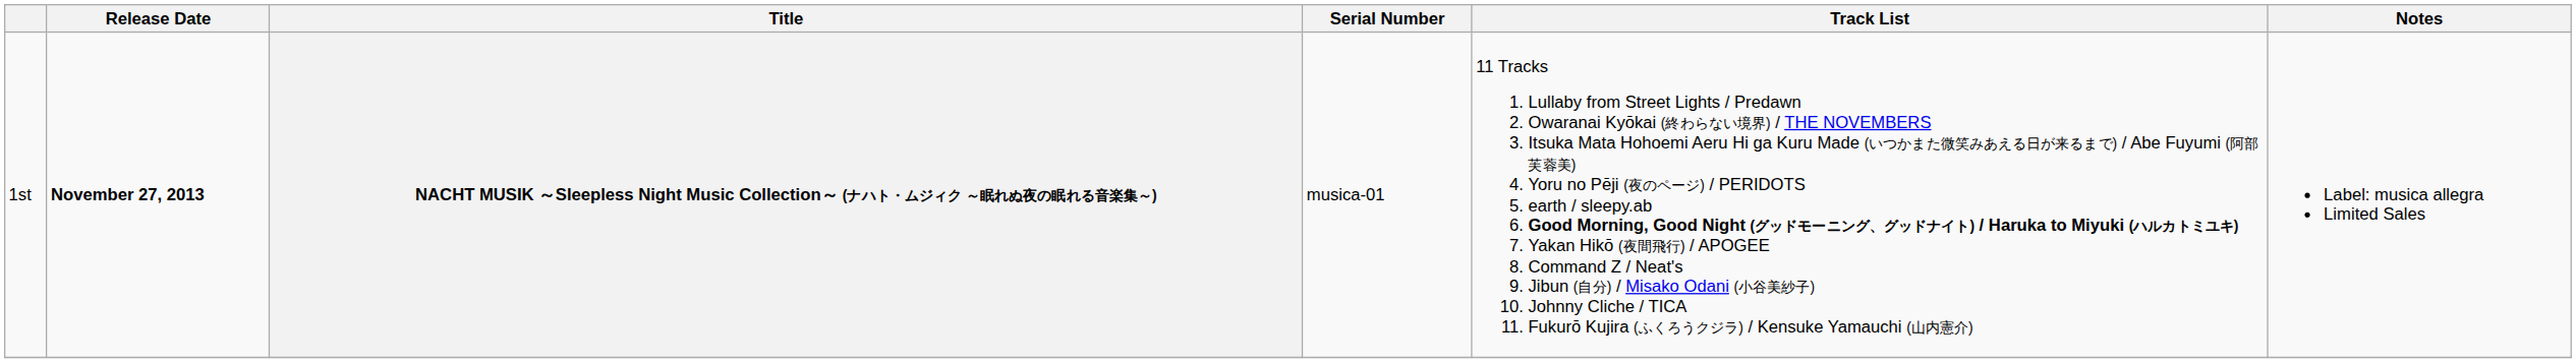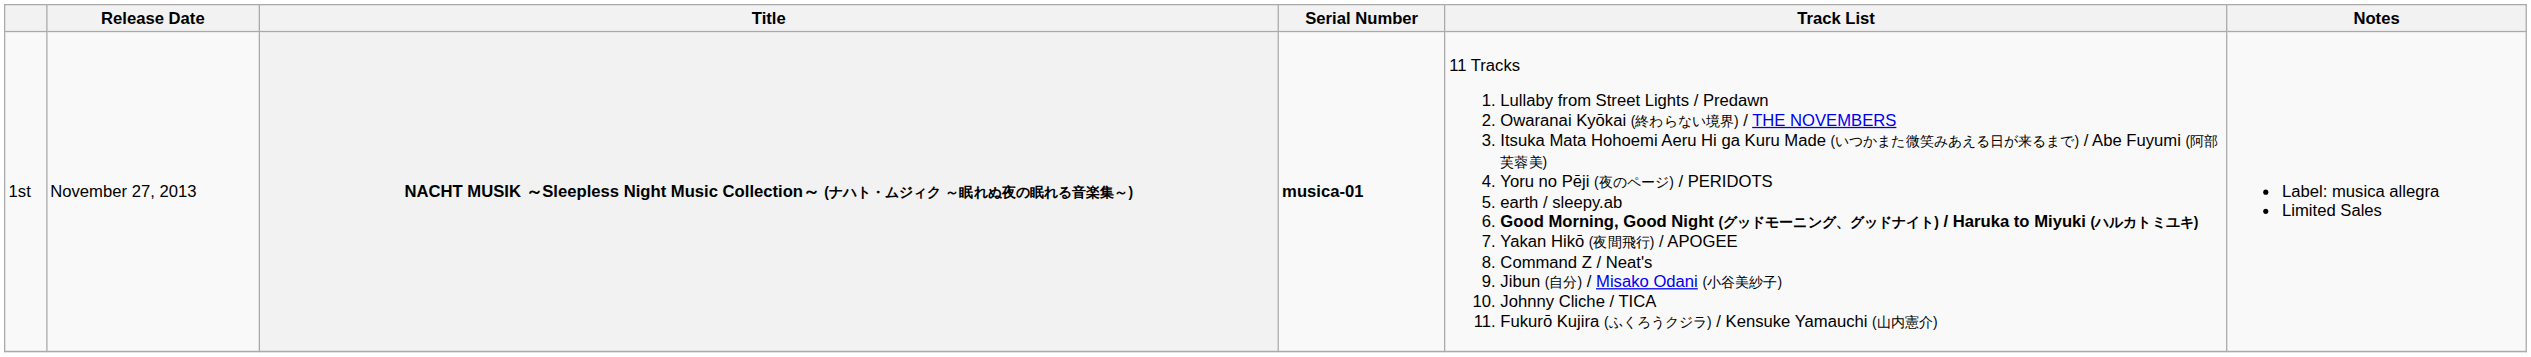 <table class="wikitable" style=font-size:small>
 <tr>
 <th> </th>
 <th>Release Date</th>
 <th>Title</th>
 <th>Serial Number</th>
 <th style="width:31%">Track List</th>
 <th>Notes</th>
 </tr>
 <tr>
 <td>1st</td>
-<td><strong>November 27, 2013</strong></td>
+<td>November 27, 2013</td>
 <th>NACHT MUSIK ～Sleepless Night Music Collection～ <small>(ナハト・ムジィク ～眠れぬ夜の眠れる音楽集～)</small></th>
-<td>musica-01</td>
+<td><strong>musica-01</strong></td>
 <td><br>11 Tracks<ol><li>Lullaby from Street Lights / Predawn</li><li>Owaranai Kyōkai <small>(終わらない境界)</small> / <a href='#'>THE NOVEMBERS</a></li><li>Itsuka Mata Hohoemi Aeru Hi ga Kuru Made <small>(いつかまた微笑みあえる日が来るまで)</small> / Abe Fuyumi <small>(阿部芙蓉美)</small></li><li>Yoru no Pēji <small>(夜のページ)</small> / PERIDOTS</li><li>earth / sleepy.ab</li><li><strong>Good Morning, Good Night <small>(グッドモーニング、グッドナイト)</small> / Haruka to Miyuki <small>(ハルカトミユキ)</small></strong></li><li>Yakan Hikō <small>(夜間飛行)</small> / APOGEE</li><li>Command Z / Neat's</li><li>Jibun <small>(自分)</small> / <a href='#'>Misako Odani</a> <small>(小谷美紗子)</small></li><li>Johnny Cliche / TICA</li><li>Fukurō Kujira <small>(ふくろうクジラ)</small> / Kensuke Yamauchi <small>(山内憲介)</small></li></ol></td>
 <td><br><ul><li>Label: musica allegra</li><li>Limited Sales</li></ul></td>
 </tr>
 <tr>
 </tr>
 </table>
